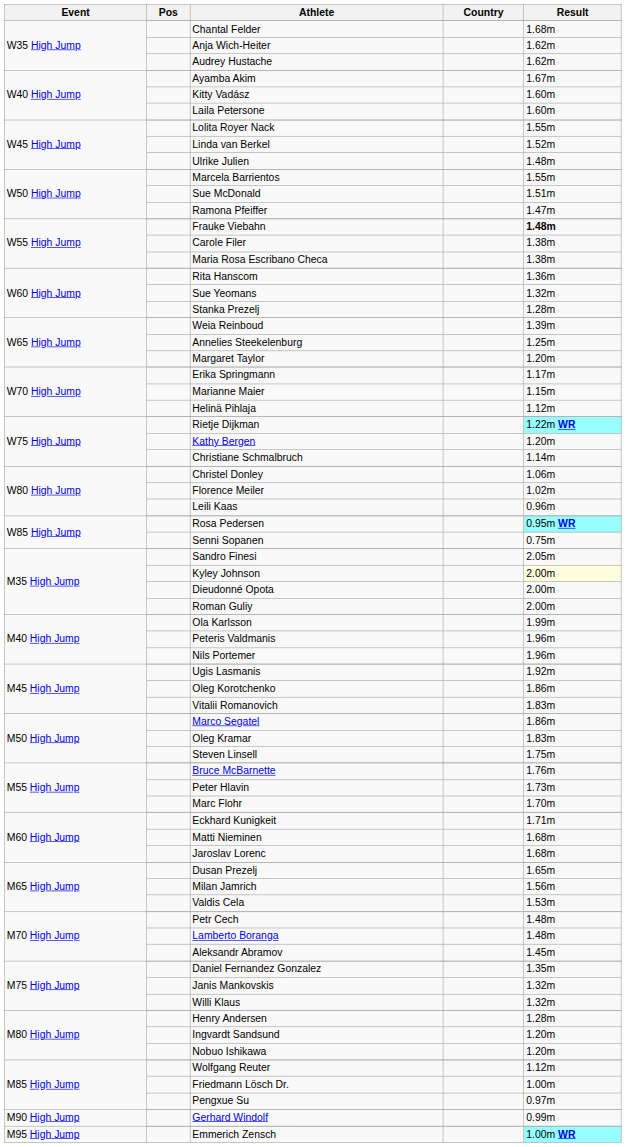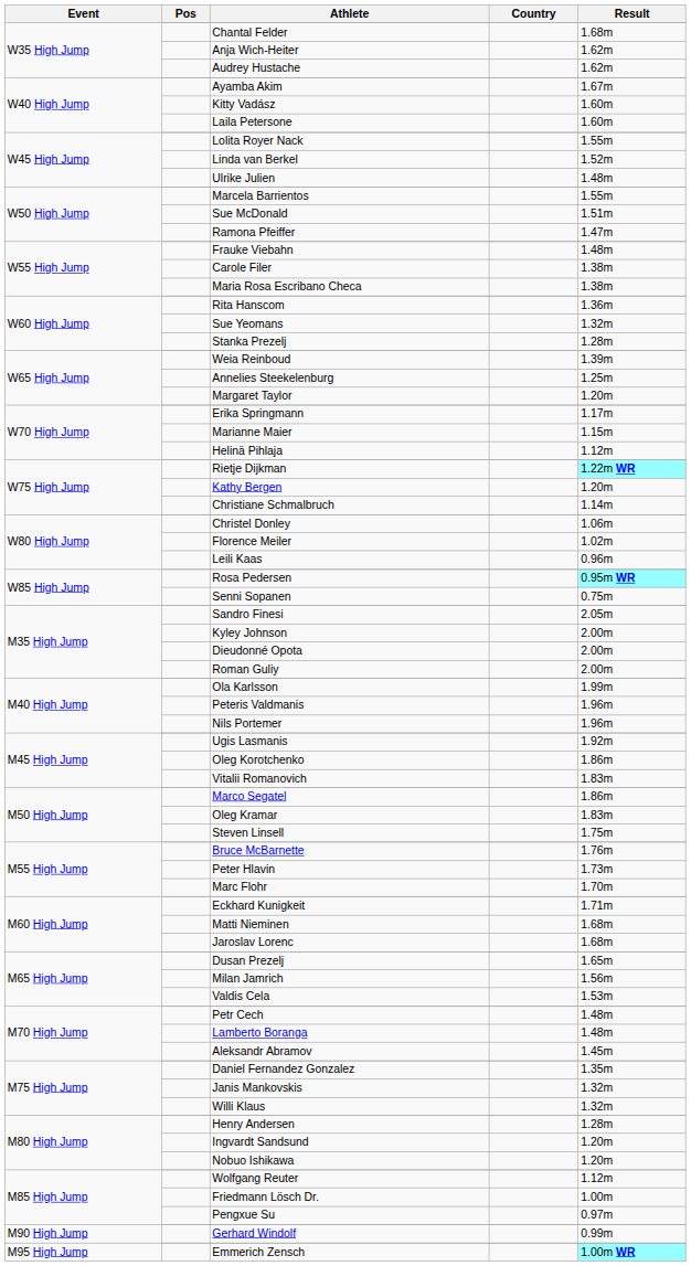 <table class="wikitable" style="width:60%;">
 <tr>
 <th>Event</th>
 <th>Pos</th>
 <th>Athlete</th>
 <th>Country</th>
 <th>Result</th>
 </tr>
 <tr>
 <td rowspan='4'>W35 <a href='#'>High Jump</a></td>
 </tr>
 <tr>
 <td align=center></td>
 <td align=left>Chantal Felder</td>
 <td align=left></td>
 <td>1.68m</td>
 </tr>
 <tr>
 <td align=center></td>
 <td align=left>Anja Wich-Heiter</td>
 <td align=left></td>
 <td>1.62m</td>
 </tr>
 <tr>
 <td align=center></td>
 <td align=left>Audrey Hustache</td>
 <td align=left></td>
 <td>1.62m</td>
 </tr>
 <tr>
 <td rowspan='4'>W40 <a href='#'>High Jump</a></td>
 </tr>
 <tr>
 <td align=center></td>
 <td align=left>Ayamba Akim</td>
 <td align=left></td>
 <td>1.67m</td>
 </tr>
 <tr>
 <td align=center></td>
 <td align=left>Kitty Vadász</td>
 <td align=left></td>
 <td>1.60m</td>
 </tr>
 <tr>
 <td align=center></td>
 <td align=left>Laila Petersone</td>
 <td align=left></td>
 <td>1.60m</td>
 </tr>
 <tr>
 <td rowspan='4'>W45 <a href='#'>High Jump</a></td>
 </tr>
 <tr>
 <td align=center></td>
 <td align=left>Lolita Royer Nack</td>
 <td align=left></td>
 <td>1.55m</td>
 </tr>
 <tr>
 <td align=center></td>
 <td align=left>Linda van Berkel</td>
 <td align=left></td>
 <td>1.52m</td>
 </tr>
 <tr>
 <td align=center></td>
 <td align=left>Ulrike Julien</td>
 <td align=left></td>
 <td>1.48m</td>
 </tr>
 <tr>
 <td rowspan='4'>W50 <a href='#'>High Jump</a></td>
 </tr>
 <tr>
 <td align=center></td>
 <td align=left>Marcela Barrientos</td>
 <td align=left></td>
 <td>1.55m</td>
 </tr>
 <tr>
 <td align=center></td>
 <td align=left>Sue McDonald</td>
 <td align=left></td>
 <td>1.51m</td>
 </tr>
 <tr>
 <td align=center></td>
 <td align=left>Ramona Pfeiffer</td>
 <td align=left></td>
 <td>1.47m</td>
 </tr>
 <tr>
 <td rowspan='4'>W55 <a href='#'>High Jump</a></td>
 </tr>
 <tr>
 <td align=center></td>
 <td align=left>Frauke Viebahn</td>
 <td align=left></td>
-<td><strong>1.48m</strong></td>
+<td>1.48m</td>
 </tr>
 <tr>
 <td align=center></td>
 <td align=left>Carole Filer</td>
 <td align=left></td>
 <td>1.38m</td>
 </tr>
 <tr>
 <td align=center></td>
 <td align=left>Maria Rosa Escribano Checa</td>
 <td align=left></td>
 <td>1.38m</td>
 </tr>
 <tr>
 <td rowspan='4'>W60 <a href='#'>High Jump</a></td>
 </tr>
 <tr>
 <td align=center></td>
 <td align=left>Rita Hanscom</td>
 <td align=left></td>
 <td>1.36m</td>
 </tr>
 <tr>
 <td align=center></td>
 <td align=left>Sue Yeomans</td>
 <td align=left></td>
 <td>1.32m</td>
 </tr>
 <tr>
 <td align=center></td>
 <td align=left>Stanka Prezelj</td>
 <td align=left></td>
 <td>1.28m</td>
 </tr>
 <tr>
 <td rowspan='4'>W65 <a href='#'>High Jump</a></td>
 </tr>
 <tr>
 <td align=center></td>
 <td align=left>Weia Reinboud</td>
 <td align=left></td>
 <td>1.39m</td>
 </tr>
 <tr>
 <td align=center></td>
 <td align=left>Annelies Steekelenburg</td>
 <td align=left></td>
 <td>1.25m</td>
 </tr>
 <tr>
 <td align=center></td>
 <td align=left>Margaret Taylor</td>
 <td align=left></td>
 <td>1.20m</td>
 </tr>
 <tr>
 <td rowspan='4'>W70 <a href='#'>High Jump</a></td>
 </tr>
 <tr>
 <td align=center></td>
 <td align=left>Erika Springmann</td>
 <td align=left></td>
 <td>1.17m</td>
 </tr>
 <tr>
 <td align=center></td>
 <td align=left>Marianne Maier</td>
 <td align=left></td>
 <td>1.15m</td>
 </tr>
 <tr>
 <td align=center></td>
 <td align=left>Helinä Pihlaja</td>
 <td align=left></td>
 <td>1.12m</td>
 </tr>
 <tr>
 <td rowspan='4'>W75 <a href='#'>High Jump</a></td>
 </tr>
 <tr>
 <td align=center></td>
 <td align=left>Rietje Dijkman</td>
 <td align=left></td>
 <td bgcolor=#97ffff>1.22m <strong><a href='#'>WR</a></strong></td>
 </tr>
 <tr>
 <td align=center></td>
 <td align=left><a href='#'>Kathy Bergen</a></td>
 <td align=left></td>
 <td>1.20m</td>
 </tr>
 <tr>
 <td align=center></td>
 <td align=left>Christiane Schmalbruch</td>
 <td align=left></td>
 <td>1.14m</td>
 </tr>
 <tr>
 <td rowspan='4'>W80 <a href='#'>High Jump</a></td>
 </tr>
 <tr>
 <td align=center></td>
 <td align=left>Christel Donley</td>
 <td align=left></td>
 <td>1.06m</td>
 </tr>
 <tr>
 <td align=center></td>
 <td align=left>Florence Meiler</td>
 <td align=left></td>
 <td>1.02m</td>
 </tr>
 <tr>
 <td align=center></td>
 <td align=left>Leili Kaas</td>
 <td align=left></td>
 <td>0.96m</td>
 </tr>
 <tr>
 <td rowspan='3'>W85 <a href='#'>High Jump</a></td>
 </tr>
 <tr>
 <td align=center></td>
 <td align=left>Rosa Pedersen</td>
 <td align=left></td>
 <td bgcolor=#97ffff>0.95m <strong><a href='#'>WR</a></strong></td>
 </tr>
 <tr>
 <td align=center></td>
 <td align=left>Senni Sopanen</td>
 <td align=left></td>
 <td>0.75m</td>
 </tr>
 <tr>
 <td rowspan='5'>M35 <a href='#'>High Jump</a></td>
 </tr>
 <tr>
 <td align=center></td>
 <td align=left>Sandro Finesi</td>
 <td align=left></td>
 <td>2.05m</td>
 </tr>
 <tr>
 <td align=center></td>
 <td align=left>Kyley Johnson</td>
 <td align=left></td>
-<td style="background: lightyellow;">2.00m</td>
+<td>2.00m</td>
 </tr>
 <tr>
 <td align=center></td>
 <td align=left>Dieudonné Opota</td>
 <td align=left></td>
 <td>2.00m</td>
 </tr>
 <tr>
 <td align=center></td>
 <td align=left>Roman Guliy</td>
 <td align=left></td>
 <td>2.00m</td>
 </tr>
 <tr>
 <td rowspan='4'>M40 <a href='#'>High Jump</a></td>
 </tr>
 <tr>
 <td align=center></td>
 <td align=left>Ola Karlsson</td>
 <td align=left></td>
 <td>1.99m</td>
 </tr>
 <tr>
 <td align=center></td>
 <td align=left>Peteris Valdmanis</td>
 <td align=left></td>
 <td>1.96m</td>
 </tr>
 <tr>
 <td align=center></td>
 <td align=left>Nils Portemer</td>
 <td align=left></td>
 <td>1.96m</td>
 </tr>
 <tr>
 <td rowspan='4'>M45 <a href='#'>High Jump</a></td>
 </tr>
 <tr>
 <td align=center></td>
 <td align=left>Ugis Lasmanis</td>
 <td align=left></td>
 <td>1.92m</td>
 </tr>
 <tr>
 <td align=center></td>
 <td align=left>Oleg Korotchenko</td>
 <td align=left></td>
 <td>1.86m</td>
 </tr>
 <tr>
 <td align=center></td>
 <td align=left>Vitalii Romanovich</td>
 <td align=left></td>
 <td>1.83m</td>
 </tr>
 <tr>
 <td rowspan='4'>M50 <a href='#'>High Jump</a></td>
 </tr>
 <tr>
 <td align=center></td>
 <td align=left><a href='#'>Marco Segatel</a></td>
 <td align=left></td>
 <td>1.86m</td>
 </tr>
 <tr>
 <td align=center></td>
 <td align=left>Oleg Kramar</td>
 <td align=left></td>
 <td>1.83m</td>
 </tr>
 <tr>
 <td align=center></td>
 <td align=left>Steven Linsell</td>
 <td align=left></td>
 <td>1.75m</td>
 </tr>
 <tr>
 <td rowspan='4'>M55 <a href='#'>High Jump</a></td>
 </tr>
 <tr>
 <td align=center></td>
 <td align=left><a href='#'>Bruce McBarnette</a></td>
 <td align=left></td>
 <td>1.76m</td>
 </tr>
 <tr>
 <td align=center></td>
 <td align=left>Peter Hlavin</td>
 <td align=left></td>
 <td>1.73m</td>
 </tr>
 <tr>
 <td align=center></td>
 <td align=left>Marc Flohr</td>
 <td align=left></td>
 <td>1.70m</td>
 </tr>
 <tr>
 <td rowspan='4'>M60 <a href='#'>High Jump</a></td>
 </tr>
 <tr>
 <td align=center></td>
 <td align=left>Eckhard Kunigkeit</td>
 <td align=left></td>
 <td>1.71m</td>
 </tr>
 <tr>
 <td align=center></td>
 <td align=left>Matti Nieminen</td>
 <td align=left></td>
 <td>1.68m</td>
 </tr>
 <tr>
 <td align=center></td>
 <td align=left>Jaroslav Lorenc</td>
 <td align=left></td>
 <td>1.68m</td>
 </tr>
 <tr>
 <td rowspan='4'>M65 <a href='#'>High Jump</a></td>
 </tr>
 <tr>
 <td align=center></td>
 <td align=left>Dusan Prezelj</td>
 <td align=left></td>
 <td>1.65m</td>
 </tr>
 <tr>
 <td align=center></td>
 <td align=left>Milan Jamrich</td>
 <td align=left></td>
 <td>1.56m</td>
 </tr>
 <tr>
 <td align=center></td>
 <td align=left>Valdis Cela</td>
 <td align=left></td>
 <td>1.53m</td>
 </tr>
 <tr>
 <td rowspan='4'>M70 <a href='#'>High Jump</a></td>
 </tr>
 <tr>
 <td align=center></td>
 <td align=left>Petr Cech</td>
 <td align=left></td>
 <td>1.48m</td>
 </tr>
 <tr>
 <td align=center></td>
 <td align=left><a href='#'>Lamberto Boranga</a></td>
 <td align=left></td>
 <td>1.48m</td>
 </tr>
 <tr>
 <td align=center></td>
 <td align=left>Aleksandr Abramov</td>
 <td align=left></td>
 <td>1.45m</td>
 </tr>
 <tr>
 <td rowspan='4'>M75 <a href='#'>High Jump</a></td>
 </tr>
 <tr>
 <td align=center></td>
 <td align=left>Daniel Fernandez Gonzalez</td>
 <td align=left></td>
 <td>1.35m</td>
 </tr>
 <tr>
 <td align=center></td>
 <td align=left>Janis Mankovskis</td>
 <td align=left></td>
 <td>1.32m</td>
 </tr>
 <tr>
 <td align=center></td>
 <td align=left>Willi Klaus</td>
 <td align=left></td>
 <td>1.32m</td>
 </tr>
 <tr>
 <td rowspan='4'>M80 <a href='#'>High Jump</a></td>
 </tr>
 <tr>
 <td align=center></td>
 <td align=left>Henry Andersen</td>
 <td align=left></td>
 <td>1.28m</td>
 </tr>
 <tr>
 <td align=center></td>
 <td align=left>Ingvardt Sandsund</td>
 <td align=left></td>
 <td>1.20m</td>
 </tr>
 <tr>
 <td align=center></td>
 <td align=left>Nobuo Ishikawa</td>
 <td align=left></td>
 <td>1.20m</td>
 </tr>
 <tr>
 <td rowspan='4'>M85 <a href='#'>High Jump</a></td>
 </tr>
 <tr>
 <td align=center></td>
 <td align=left>Wolfgang Reuter</td>
 <td align=left></td>
 <td>1.12m</td>
 </tr>
 <tr>
 <td align=center></td>
 <td align=left>Friedmann Lösch Dr.</td>
 <td align=left></td>
 <td>1.00m</td>
 </tr>
 <tr>
 <td align=center></td>
 <td align=left>Pengxue Su</td>
 <td align=left></td>
 <td>0.97m</td>
 </tr>
 <tr>
 <td rowspan='2'>M90 <a href='#'>High Jump</a></td>
 </tr>
 <tr>
 <td align=center></td>
 <td align=left><a href='#'>Gerhard Windolf</a></td>
 <td align=left></td>
 <td>0.99m</td>
 </tr>
 <tr>
 <td rowspan='2'>M95 <a href='#'>High Jump</a></td>
 </tr>
 <tr>
 <td align=center></td>
 <td align=left>Emmerich Zensch</td>
 <td align=left></td>
 <td bgcolor=#97ffff>1.00m <strong><a href='#'>WR</a></strong></td>
 </tr>
 </table>
